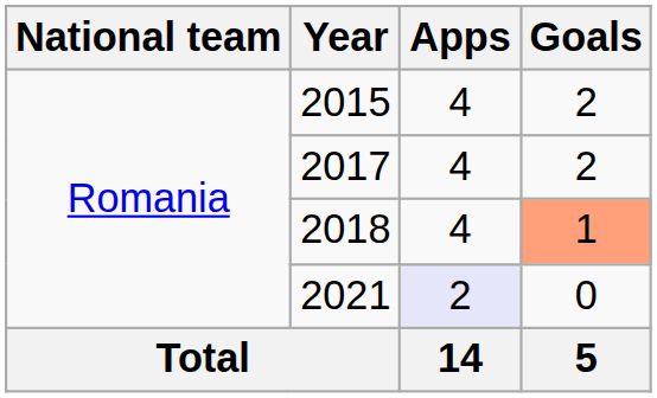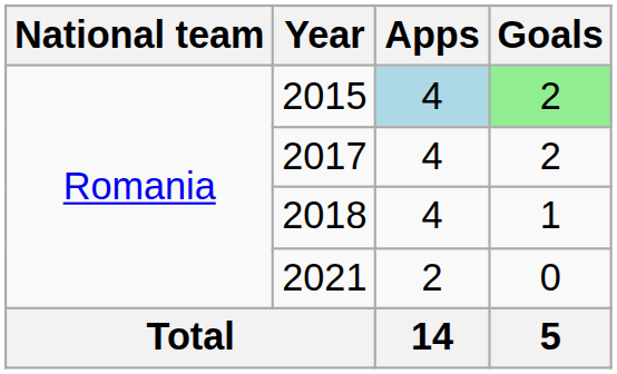 <table class="wikitable" style="text-align:center">
 <tr>
 <th>National team</th>
 <th>Year</th>
 <th>Apps</th>
 <th>Goals</th>
 </tr>
 <tr>
 <td rowspan="4"><a href='#'>Romania</a></td>
 <td>2015</td>
-<td>4</td>
-<td>2</td>
+<td style="background: lightblue;">4</td>
+<td style="background: lightgreen;">2</td>
 </tr>
 <tr>
 <td>2017</td>
 <td>4</td>
 <td>2</td>
 </tr>
 <tr>
 <td>2018</td>
 <td>4</td>
-<td style="background: lightsalmon;">1</td>
+<td>1</td>
 </tr>
 <tr>
 <td>2021</td>
-<td style="background: lavender;">2</td>
+<td>2</td>
 <td>0</td>
 </tr>
 <tr>
 <th colspan=2>Total</th>
 <th>14</th>
 <th>5</th>
 </tr>
 </table>
